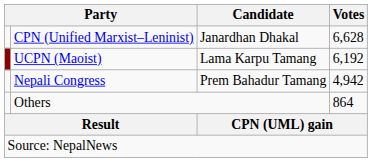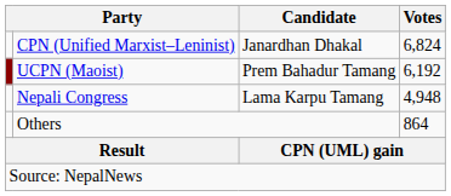 <table class="wikitable">
 <tr>
 <th colspan="2">Party</th>
 <th>Candidate</th>
 <th>Votes</th>
 </tr>
 <tr>
 <td style="background-color:"></td>
 <td><a href='#'>CPN (Unified Marxist–Leninist)</a></td>
 <td>Janardhan Dhakal</td>
-<td>6,628</td>
+<td>6,824</td>
 </tr>
 <tr>
 <td style="background-color:darkred"></td>
 <td><a href='#'>UCPN (Maoist)</a></td>
-<td>Lama Karpu Tamang</td>
+<td>Prem Bahadur Tamang</td>
 <td>6,192</td>
 </tr>
 <tr>
 <td style="background-color:"></td>
 <td><a href='#'>Nepali Congress</a></td>
-<td>Prem Bahadur Tamang</td>
-<td>4,942</td>
+<td>Lama Karpu Tamang</td>
+<td>4,948</td>
 </tr>
 <tr>
 <td></td>
 <td colspan="2">Others</td>
 <td>864</td>
 </tr>
 <tr>
 <th colspan="2">Result</th>
 <th colspan="2">CPN (UML) gain</th>
 </tr>
 <tr>
 <td colspan="4">Source: NepalNews</td>
 </tr>
 </table>
